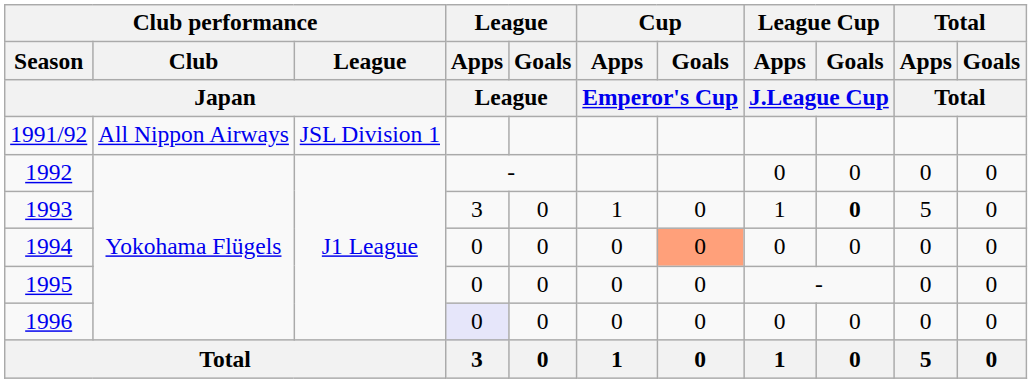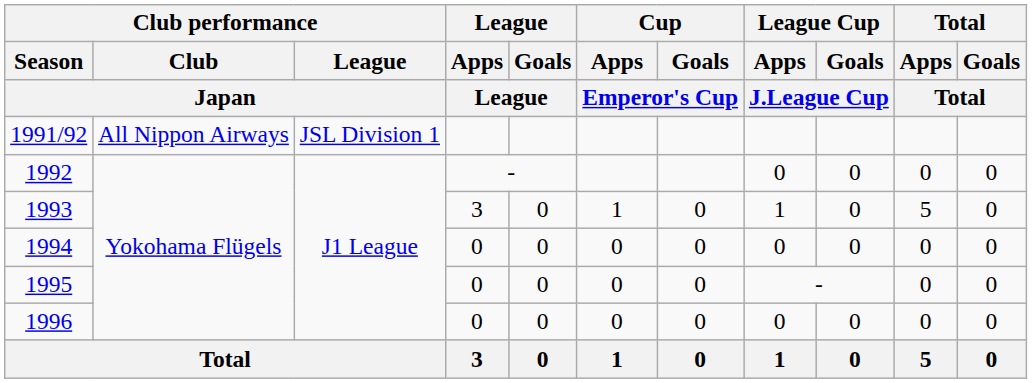 <table class="wikitable" style="text-align:center;">
 <tr>
 <th colspan=3>Club performance</th>
 <th colspan=2>League</th>
 <th colspan=2>Cup</th>
 <th colspan=2>League Cup</th>
 <th colspan=2>Total</th>
 </tr>
 <tr>
 <th>Season</th>
 <th>Club</th>
 <th>League</th>
 <th>Apps</th>
 <th>Goals</th>
 <th>Apps</th>
 <th>Goals</th>
 <th>Apps</th>
 <th>Goals</th>
 <th>Apps</th>
 <th>Goals</th>
 </tr>
 <tr>
 <th colspan=3>Japan</th>
 <th colspan=2>League</th>
 <th colspan=2><a href='#'>Emperor's Cup</a></th>
 <th colspan=2><a href='#'>J.League Cup</a></th>
 <th colspan=2>Total</th>
 </tr>
 <tr>
 <td><a href='#'>1991/92</a></td>
 <td><a href='#'>All Nippon Airways</a></td>
 <td><a href='#'>JSL Division 1</a></td>
 <td></td>
 <td></td>
 <td></td>
 <td></td>
 <td></td>
 <td></td>
 <td></td>
 <td></td>
 </tr>
 <tr>
 <td><a href='#'>1992</a></td>
 <td rowspan="5"><a href='#'>Yokohama Flügels</a></td>
 <td rowspan="5"><a href='#'>J1 League</a></td>
 <td colspan="2">-</td>
 <td></td>
 <td></td>
 <td>0</td>
 <td>0</td>
 <td>0</td>
 <td>0</td>
 </tr>
 <tr>
 <td><a href='#'>1993</a></td>
 <td>3</td>
 <td>0</td>
 <td>1</td>
 <td>0</td>
 <td>1</td>
-<td><strong>0</strong></td>
+<td>0</td>
 <td>5</td>
 <td>0</td>
 </tr>
 <tr>
 <td><a href='#'>1994</a></td>
 <td>0</td>
 <td>0</td>
 <td>0</td>
-<td style="background: lightsalmon;">0</td>
+<td>0</td>
 <td>0</td>
 <td>0</td>
 <td>0</td>
 <td>0</td>
 </tr>
 <tr>
 <td><a href='#'>1995</a></td>
 <td>0</td>
 <td>0</td>
 <td>0</td>
 <td>0</td>
 <td colspan="2">-</td>
 <td>0</td>
 <td>0</td>
 </tr>
 <tr>
 <td><a href='#'>1996</a></td>
-<td style="background: lavender;">0</td>
+<td>0</td>
 <td>0</td>
 <td>0</td>
 <td>0</td>
 <td>0</td>
 <td>0</td>
 <td>0</td>
 <td>0</td>
 </tr>
 <tr>
 <th colspan=3>Total</th>
 <th>3</th>
 <th>0</th>
 <th>1</th>
 <th>0</th>
 <th>1</th>
 <th>0</th>
 <th>5</th>
 <th>0</th>
 </tr>
 </table>
